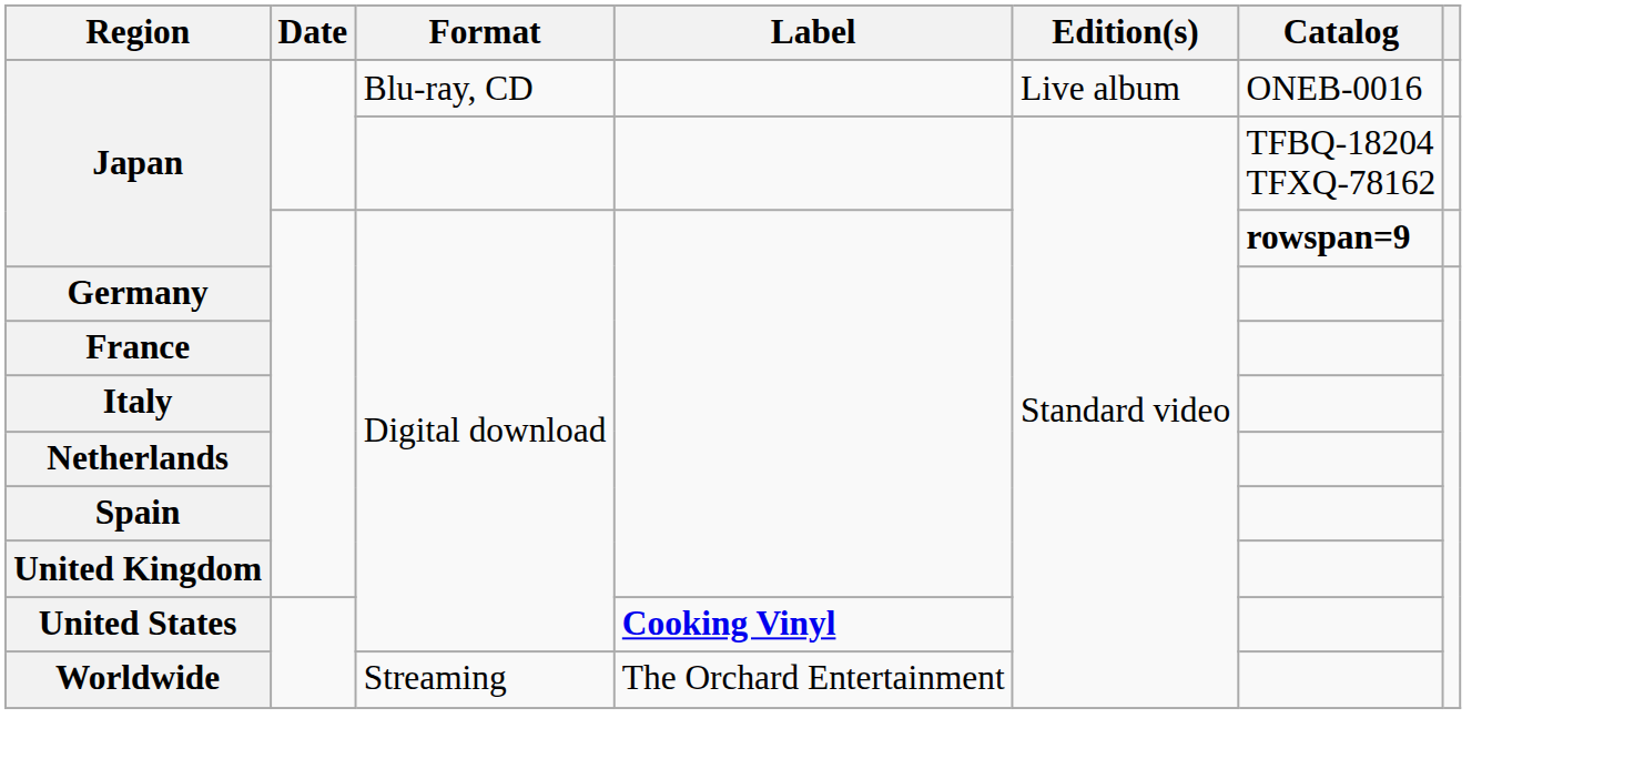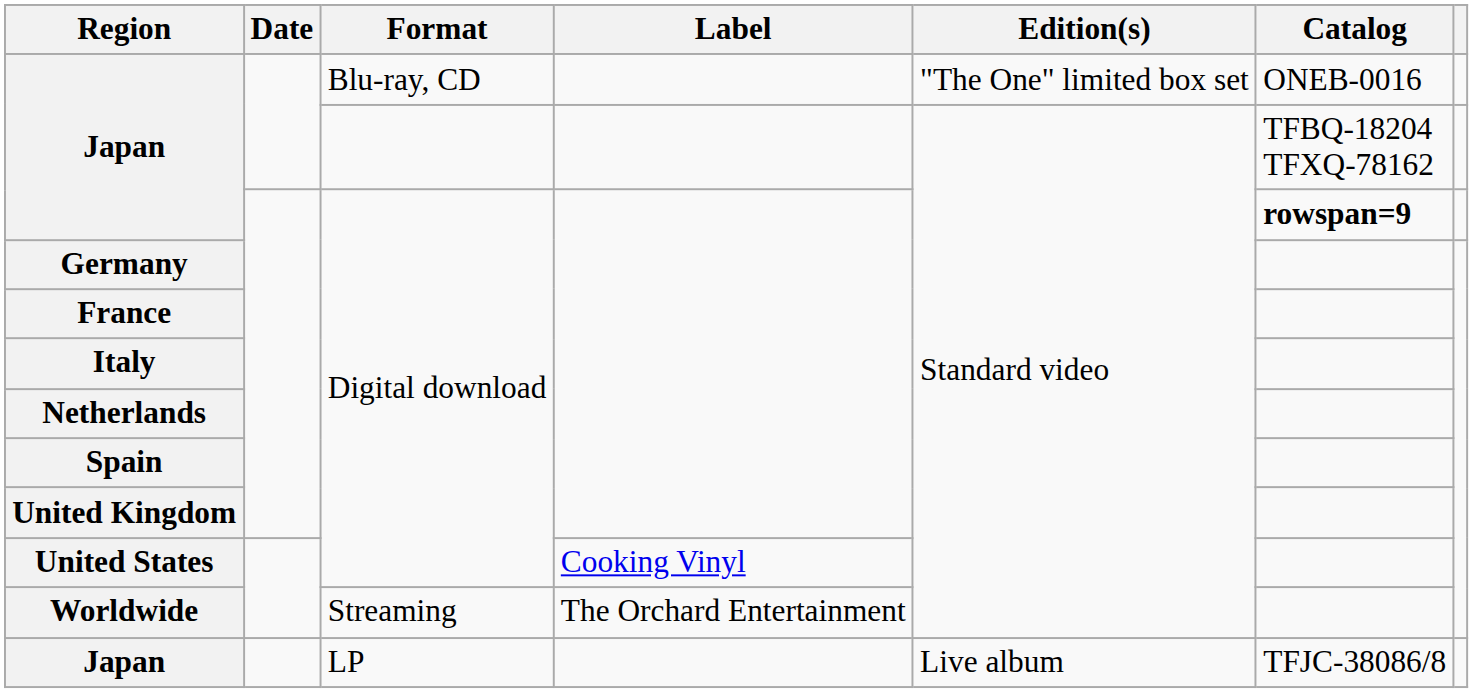 <table class="wikitable plainrowheaders">
 <tr>
 <th scope="col">Region</th>
 <th scope="col">Date</th>
 <th scope="col">Format</th>
 <th scope="col">Label</th>
 <th scope="col">Edition(s)</th>
 <th scope="col">Catalog</th>
 <th scope="col"></th>
 </tr>
 <tr>
 <th scope="row" rowspan="3">Japan</th>
 <td rowspan="2"></td>
 <td>Blu-ray, CD</td>
 <td></td>
-<td>Live album</td>
+<td>"The One" limited box set</td>
 <td>ONEB-0016</td>
 <td></td>
 </tr>
 <tr>
 <td></td>
 <td></td>
 <td rowspan=10>Standard video</td>
 <td>TFBQ-18204<br>TFXQ-78162</td>
 <td></td>
 </tr>
 <tr>
 <td rowspan=7></td>
 <td rowspan=8>Digital download</td>
 <td rowspan=7></td>
 <td><strong>rowspan=9 </strong></td>
 <td></td>
 </tr>
 <tr>
 <th scope="row">Germany</th>
 <td></td>
 </tr>
 <tr>
 <th scope="row">France</th>
 <td></td>
 </tr>
 <tr>
 <th scope="row">Italy</th>
 <td></td>
 </tr>
 <tr>
 <th scope="row">Netherlands</th>
 <td></td>
 </tr>
 <tr>
 <th scope="row">Spain</th>
 <td></td>
 </tr>
 <tr>
 <th scope="row">United Kingdom</th>
 <td></td>
 </tr>
 <tr>
 <th scope="row">United States</th>
 <td rowspan=2></td>
-<td><strong><a href='#'>Cooking Vinyl</a></strong></td>
+<td><a href='#'>Cooking Vinyl</a></td>
 <td></td>
 </tr>
 <tr>
 <th scope="row">Worldwide</th>
 <td>Streaming</td>
 <td>The Orchard Entertainment</td>
 <td></td>
 </tr>
+<tr>
+<th scope="row">Japan</th>
+<td></td>
+<td>LP</td>
+<td></td>
+<td>Live album</td>
+<td>TFJC-38086/8</td>
+<td></td>
+</tr>
 </table>
